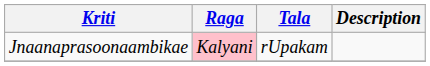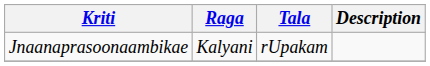 <table class="wikitable">
 <tr>
 <th><em><a href='#'>Kriti</a></em></th>
 <th><em><a href='#'>Raga</a></em></th>
 <th><em><a href='#'>Tala</a></em></th>
 <th><em>Description</em></th>
 </tr>
 <tr>
 <td><em>Jnaanaprasoonaambikae</em></td>
-<td style="background: pink;"><em>Kalyani</em></td>
+<td><em>Kalyani</em></td>
 <td><em>rUpakam</em></td>
 <td></td>
 </tr>
 <tr>
 </tr>
 </table>
